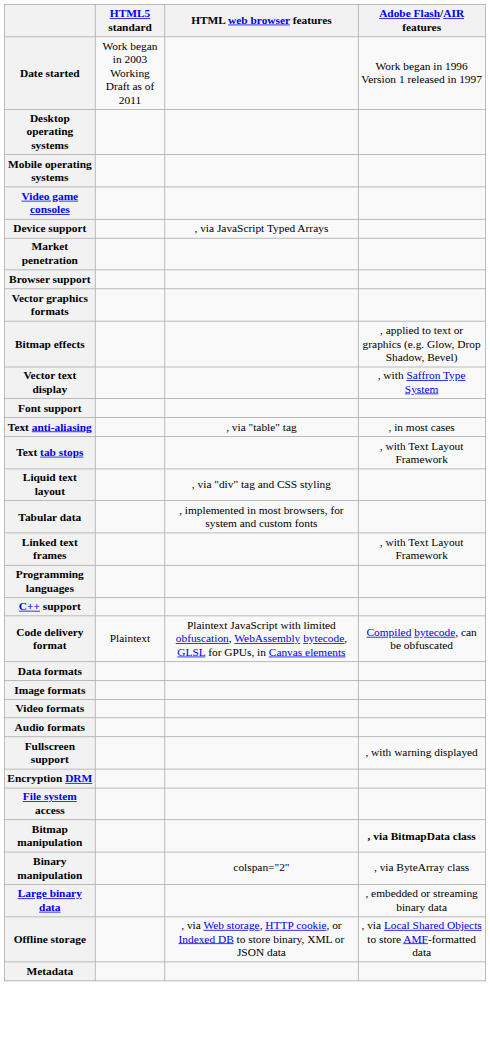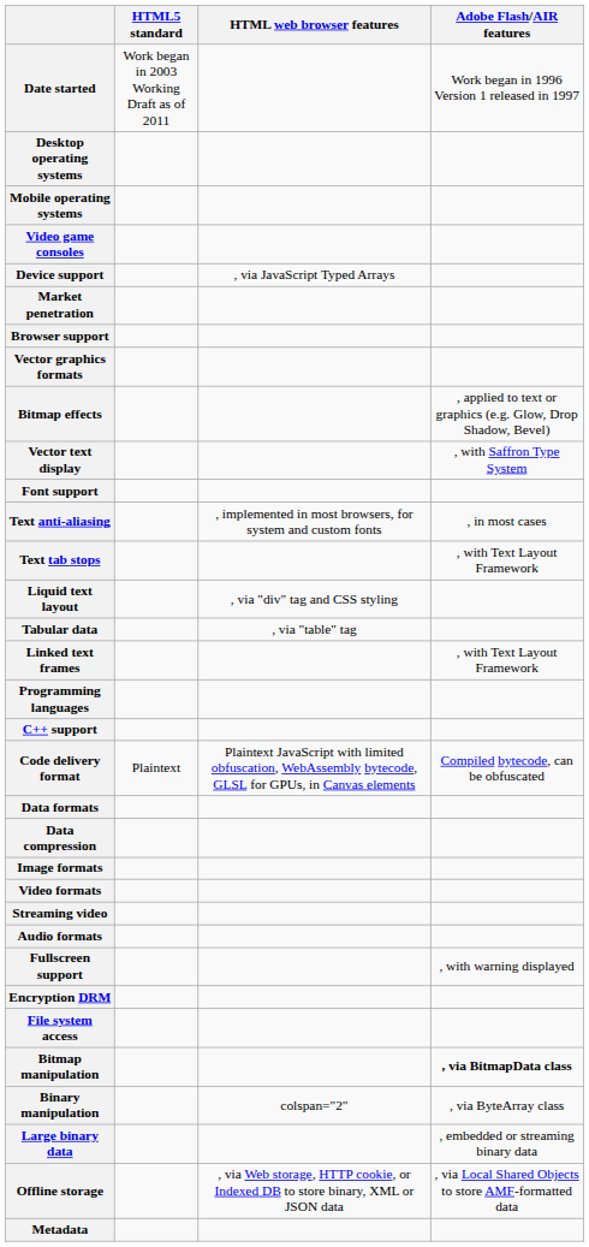 <table class="sortable wikitable" style="font-size: 90%; text-align: center;">
 <tr>
 <th></th>
 <th><a href='#'>HTML5</a> standard</th>
 <th>HTML <a href='#'>web browser</a> features</th>
 <th><a href='#'>Adobe Flash</a>/<a href='#'>AIR</a> features</th>
 </tr>
 <tr>
 <th>Date started</th>
 <td>Work began in 2003 <br> Working Draft as of 2011</td>
 <td></td>
 <td>Work began in 1996 <br> Version 1 released in 1997</td>
 </tr>
 <tr>
 <th>Desktop operating systems</th>
 <td></td>
 <td></td>
 <td></td>
 </tr>
 <tr>
 <th>Mobile operating systems</th>
 <td></td>
 <td></td>
 <td></td>
 </tr>
 <tr>
 <th><a href='#'>Video game consoles</a></th>
 <td></td>
 <td></td>
 <td></td>
 </tr>
 <tr>
 <th>Device support</th>
 <td></td>
 <td>, via JavaScript Typed Arrays</td>
 </tr>
 <tr>
 <th>Market penetration</th>
 <td></td>
 <td></td>
 <td></td>
 </tr>
 <tr>
 <th>Browser support</th>
 <td></td>
 <td></td>
 <td></td>
 </tr>
 <tr>
 <th>Vector graphics formats</th>
 <td></td>
 <td></td>
 <td></td>
 </tr>
 <tr>
 <th>Bitmap effects</th>
 <td></td>
 <td></td>
 <td>, applied to text or graphics (e.g. Glow, Drop Shadow, Bevel)</td>
 </tr>
 <tr>
 <th>Vector text display</th>
 <td></td>
 <td></td>
 <td>, with <a href='#'>Saffron Type System</a></td>
 </tr>
 <tr>
 <th>Font support</th>
 <td></td>
 <td></td>
 <td></td>
 </tr>
 <tr>
 <th>Text <a href='#'>anti-aliasing</a></th>
 <td></td>
-<td>, via "table" tag</td>
+<td>, implemented in most browsers, for system and custom fonts</td>
 <td>, in most cases</td>
 </tr>
 <tr>
 <th>Text <a href='#'>tab stops</a></th>
 <td></td>
 <td></td>
 <td>, with Text Layout Framework</td>
 </tr>
 <tr>
 <th>Liquid text layout</th>
 <td></td>
 <td>, via "div" tag and CSS styling</td>
 <td></td>
 </tr>
 <tr>
 <th>Tabular data</th>
 <td></td>
-<td>, implemented in most browsers, for system and custom fonts</td>
+<td>, via "table" tag</td>
 <td></td>
 </tr>
 <tr>
 <th>Linked text frames</th>
 <td></td>
 <td></td>
 <td>, with Text Layout Framework</td>
 </tr>
 <tr>
 <th>Programming languages</th>
 <td></td>
 <td></td>
 <td></td>
 </tr>
 <tr>
 <th><a href='#'>C++</a> support</th>
 <td></td>
 <td></td>
 <td></td>
 </tr>
 <tr>
 <th>Code delivery format</th>
 <td>Plaintext</td>
 <td>Plaintext JavaScript with limited <a href='#'>obfuscation</a>, <a href='#'>WebAssembly</a> <a href='#'>bytecode</a>, <a href='#'>GLSL</a> for GPUs, in <a href='#'>Canvas elements</a></td>
 <td><a href='#'>Compiled</a> <a href='#'>bytecode</a>, can be obfuscated</td>
 </tr>
 <tr>
 <th>Data formats</th>
 <td></td>
 <td></td>
 <td></td>
 </tr>
 <tr>
+<th>Data compression</th>
+<td></td>
+<td></td>
+<td></td>
+</tr>
+<tr>
 <th>Image formats</th>
 <td></td>
 <td></td>
 <td></td>
 </tr>
 <tr>
 <th>Video formats</th>
+<td></td>
+<td></td>
+<td></td>
+</tr>
+<tr>
+<th>Streaming video</th>
 <td></td>
 <td></td>
 <td></td>
 </tr>
 <tr>
 <th>Audio formats</th>
 <td></td>
 <td></td>
 <td></td>
 </tr>
 <tr>
 <th>Fullscreen support</th>
 <td></td>
 <td></td>
 <td>, with warning displayed</td>
 </tr>
 <tr>
 <th>Encryption <a href='#'>DRM</a></th>
 <td></td>
 <td></td>
 <td></td>
 </tr>
 <tr>
 <th><a href='#'>File system</a> access</th>
 <td></td>
 <td></td>
 <td></td>
 </tr>
 <tr>
 <th>Bitmap manipulation</th>
 <td></td>
 <td></td>
 <td><strong>, via BitmapData class</strong></td>
 </tr>
 <tr>
 <th>Binary manipulation</th>
 <td></td>
 <td>colspan="2" </td>
 <td>, via ByteArray class</td>
 </tr>
 <tr>
 <th><a href='#'>Large binary data</a></th>
 <td></td>
 <td></td>
 <td>, embedded or streaming binary data</td>
 </tr>
 <tr>
 <th>Offline storage</th>
 <td></td>
 <td>, via <a href='#'>Web storage</a>, <a href='#'>HTTP cookie</a>, or <a href='#'>Indexed DB</a> to store binary, XML or JSON data</td>
 <td>, via <a href='#'>Local Shared Objects</a> to store <a href='#'>AMF</a>-formatted data</td>
 </tr>
 <tr>
 <th>Metadata</th>
 <td></td>
 <td></td>
 <td></td>
 </tr>
 </table>
